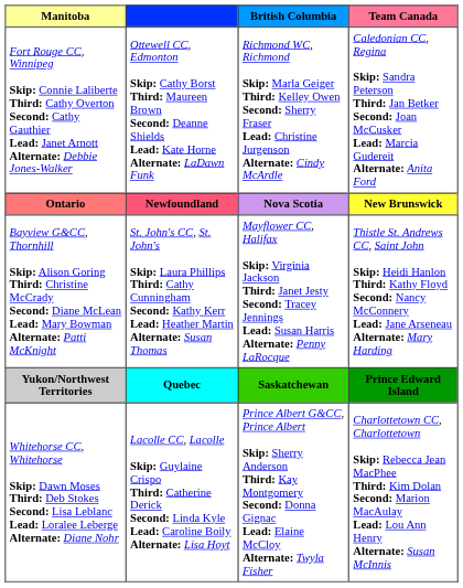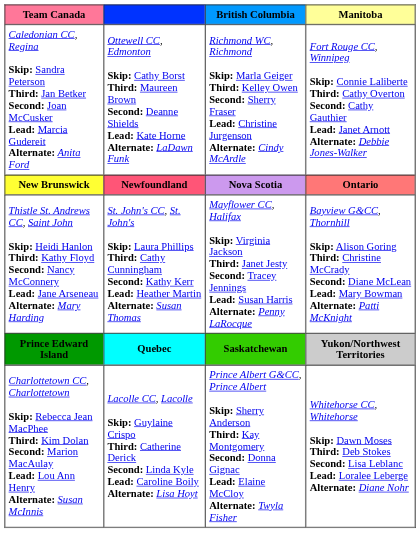 <table border=1 cellpadding=5 cellspacing=0>
 <tr>
-<th bgcolor="#ffff99" width="200">Manitoba</th>
+<th bgcolor="#ff7799" width="200">Team Canada</th>
 <th bgcolor="#0033ff" width="200"></th>
 <th bgcolor="#0099ff" width="200">British Columbia</th>
-<th bgcolor="#ff7799" width="200">Team Canada</th>
+<th bgcolor="#ffff99" width="200">Manitoba</th>
 </tr>
 <tr align=center>
-<td align=left><em><a href='#'>Fort Rouge CC</a>, <a href='#'>Winnipeg</a></em> <br><br><strong>Skip:</strong>  <a href='#'>Connie Laliberte</a><br> <strong>Third:</strong> <a href='#'>Cathy Overton</a><br> <strong>Second:</strong> <a href='#'>Cathy Gauthier</a><br> <strong>Lead:</strong> <a href='#'>Janet Arnott</a><br> <strong>Alternate:</strong> <em><a href='#'>Debbie Jones-Walker</a></em></td>
+<td align=left><em><a href='#'>Caledonian CC</a>, <a href='#'>Regina</a></em><br><br><strong>Skip:</strong>  <a href='#'>Sandra Peterson</a><br> <strong>Third:</strong> <a href='#'>Jan Betker</a><br> <strong>Second:</strong> <a href='#'>Joan McCusker</a><br> <strong>Lead:</strong> <a href='#'>Marcia Gudereit</a><br> <strong>Alternate:</strong> <em><a href='#'>Anita Ford</a></em></td>
 <td align=left><em><a href='#'>Ottewell CC</a>, <a href='#'>Edmonton</a></em><br><br><strong>Skip:</strong>  <a href='#'>Cathy Borst</a><br> <strong>Third:</strong> <a href='#'>Maureen Brown</a><br> <strong>Second:</strong> <a href='#'>Deanne Shields</a><br> <strong>Lead:</strong> <a href='#'>Kate Horne</a><br> <strong>Alternate:</strong> <em><a href='#'>LaDawn Funk</a></em></td>
 <td align=left><em><a href='#'>Richmond WC</a>, <a href='#'>Richmond</a></em> <br><br><strong>Skip:</strong>  <a href='#'>Marla Geiger</a><br> <strong>Third:</strong> <a href='#'>Kelley Owen</a><br> <strong>Second:</strong> <a href='#'>Sherry Fraser</a><br> <strong>Lead:</strong> <a href='#'>Christine Jurgenson</a><br> <strong>Alternate:</strong> <em><a href='#'>Cindy McArdle</a></em></td>
-<td align=left><em><a href='#'>Caledonian CC</a>, <a href='#'>Regina</a></em><br><br><strong>Skip:</strong>  <a href='#'>Sandra Peterson</a><br> <strong>Third:</strong> <a href='#'>Jan Betker</a><br> <strong>Second:</strong> <a href='#'>Joan McCusker</a><br> <strong>Lead:</strong> <a href='#'>Marcia Gudereit</a><br> <strong>Alternate:</strong> <em><a href='#'>Anita Ford</a></em></td>
+<td align=left><em><a href='#'>Fort Rouge CC</a>, <a href='#'>Winnipeg</a></em> <br><br><strong>Skip:</strong>  <a href='#'>Connie Laliberte</a><br> <strong>Third:</strong> <a href='#'>Cathy Overton</a><br> <strong>Second:</strong> <a href='#'>Cathy Gauthier</a><br> <strong>Lead:</strong> <a href='#'>Janet Arnott</a><br> <strong>Alternate:</strong> <em><a href='#'>Debbie Jones-Walker</a></em></td>
 </tr>
 <tr border=1 cellpadding=5 cellspacing=0>
-<th bgcolor="#ff7777" width="200">Ontario</th>
+<th bgcolor="#ffff33" width="200">New Brunswick</th>
 <th bgcolor="#ff5577" width="200">Newfoundland</th>
 <th bgcolor="#cc99ee" width="200">Nova Scotia</th>
-<th bgcolor="#ffff33" width="200">New Brunswick</th>
+<th bgcolor="#ff7777" width="200">Ontario</th>
 </tr>
 <tr align=center>
-<td align=left><em><a href='#'>Bayview G&CC</a>, <a href='#'>Thornhill</a></em><br><br><strong>Skip:</strong>  <a href='#'>Alison Goring</a><br> <strong>Third:</strong> <a href='#'>Christine McCrady</a><br> <strong>Second:</strong> <a href='#'>Diane McLean</a><br> <strong>Lead:</strong> <a href='#'>Mary Bowman</a><br> <strong>Alternate:</strong> <em><a href='#'>Patti McKnight</a></em></td>
+<td align=left><em><a href='#'>Thistle St. Andrews CC</a>, <a href='#'>Saint John</a></em><br><br><strong>Skip:</strong>  <a href='#'>Heidi Hanlon</a><br> <strong>Third:</strong> <a href='#'>Kathy Floyd</a><br> <strong>Second:</strong> <a href='#'>Nancy McConnery</a><br> <strong>Lead:</strong> <a href='#'>Jane Arseneau</a><br> <strong>Alternate:</strong> <em><a href='#'>Mary Harding</a></em></td>
 <td align=left><em><a href='#'>St. John's CC</a>, <a href='#'>St. John's</a></em><br><br><strong>Skip:</strong>  <a href='#'>Laura Phillips</a> <br> <strong>Third:</strong> <a href='#'>Cathy Cunningham</a><br> <strong>Second:</strong> <a href='#'>Kathy Kerr</a><br> <strong>Lead:</strong> <a href='#'>Heather Martin</a><br> <strong>Alternate:</strong> <em><a href='#'>Susan Thomas</a></em></td>
 <td align=left><em><a href='#'>Mayflower CC</a>, <a href='#'>Halifax</a></em><br><br><strong>Skip:</strong>  <a href='#'>Virginia Jackson</a><br> <strong>Third:</strong> <a href='#'>Janet Jesty</a><br> <strong>Second:</strong> <a href='#'>Tracey Jennings</a><br> <strong>Lead:</strong> <a href='#'>Susan Harris</a><br> <strong>Alternate:</strong> <em><a href='#'>Penny LaRocque</a></em></td>
-<td align=left><em><a href='#'>Thistle St. Andrews CC</a>, <a href='#'>Saint John</a></em><br><br><strong>Skip:</strong>  <a href='#'>Heidi Hanlon</a><br> <strong>Third:</strong> <a href='#'>Kathy Floyd</a><br> <strong>Second:</strong> <a href='#'>Nancy McConnery</a><br> <strong>Lead:</strong> <a href='#'>Jane Arseneau</a><br> <strong>Alternate:</strong> <em><a href='#'>Mary Harding</a></em></td>
+<td align=left><em><a href='#'>Bayview G&CC</a>, <a href='#'>Thornhill</a></em><br><br><strong>Skip:</strong>  <a href='#'>Alison Goring</a><br> <strong>Third:</strong> <a href='#'>Christine McCrady</a><br> <strong>Second:</strong> <a href='#'>Diane McLean</a><br> <strong>Lead:</strong> <a href='#'>Mary Bowman</a><br> <strong>Alternate:</strong> <em><a href='#'>Patti McKnight</a></em></td>
 </tr>
 <tr border=1 cellpadding=5 cellspacing=0>
-<th bgcolor="#cccccc" width="200">Yukon/Northwest Territories</th>
+<th bgcolor="#009900" width="200">Prince Edward Island</th>
 <th bgcolor="#00ffff" width="200">Quebec</th>
 <th bgcolor="#33cc00" width="200">Saskatchewan</th>
-<th bgcolor="#009900" width="200">Prince Edward Island</th>
+<th bgcolor="#cccccc" width="200">Yukon/Northwest Territories</th>
 </tr>
 <tr align=center>
-<td align=left><em><a href='#'>Whitehorse CC</a>, <a href='#'>Whitehorse</a></em><br><br><strong>Skip:</strong>  <a href='#'>Dawn Moses</a><br> <strong>Third:</strong> <a href='#'>Deb Stokes</a><br> <strong>Second:</strong> <a href='#'>Lisa Leblanc</a><br> <strong>Lead:</strong> <a href='#'>Loralee Leberge</a><br> <strong>Alternate:</strong> <em><a href='#'>Diane Nohr</a></em></td>
+<td align=left><em><a href='#'>Charlottetown CC</a>, <a href='#'>Charlottetown</a></em><br><br><strong>Skip:</strong>  <a href='#'>Rebecca Jean MacPhee</a><br> <strong>Third:</strong> <a href='#'>Kim Dolan</a><br> <strong>Second:</strong> <a href='#'>Marion MacAulay</a><br> <strong>Lead:</strong> <a href='#'>Lou Ann Henry</a><br> <strong>Alternate:</strong> <em><a href='#'>Susan McInnis</a></em></td>
 <td align=left><em><a href='#'>Lacolle CC</a>, <a href='#'>Lacolle</a></em><br><br><strong>Skip:</strong>  <a href='#'>Guylaine Crispo</a><br> <strong>Third:</strong> <a href='#'>Catherine Derick</a><br> <strong>Second:</strong> <a href='#'>Linda Kyle</a><br> <strong>Lead:</strong> <a href='#'>Caroline Boily</a><br> <strong>Alternate:</strong> <em><a href='#'>Lisa Hoyt</a></em></td>
 <td align=left><em><a href='#'>Prince Albert G&CC</a>, <a href='#'>Prince Albert</a></em><br><br><strong>Skip:</strong>  <a href='#'>Sherry Anderson</a><br> <strong>Third:</strong> <a href='#'>Kay Montgomery</a><br> <strong>Second:</strong> <a href='#'>Donna Gignac</a><br> <strong>Lead:</strong> <a href='#'>Elaine McCloy</a><br> <strong>Alternate:</strong> <em><a href='#'>Twyla Fisher</a></em></td>
-<td align=left><em><a href='#'>Charlottetown CC</a>, <a href='#'>Charlottetown</a></em><br><br><strong>Skip:</strong>  <a href='#'>Rebecca Jean MacPhee</a><br> <strong>Third:</strong> <a href='#'>Kim Dolan</a><br> <strong>Second:</strong> <a href='#'>Marion MacAulay</a><br> <strong>Lead:</strong> <a href='#'>Lou Ann Henry</a><br> <strong>Alternate:</strong> <em><a href='#'>Susan McInnis</a></em></td>
+<td align=left><em><a href='#'>Whitehorse CC</a>, <a href='#'>Whitehorse</a></em><br><br><strong>Skip:</strong>  <a href='#'>Dawn Moses</a><br> <strong>Third:</strong> <a href='#'>Deb Stokes</a><br> <strong>Second:</strong> <a href='#'>Lisa Leblanc</a><br> <strong>Lead:</strong> <a href='#'>Loralee Leberge</a><br> <strong>Alternate:</strong> <em><a href='#'>Diane Nohr</a></em></td>
 </tr>
 </table>
